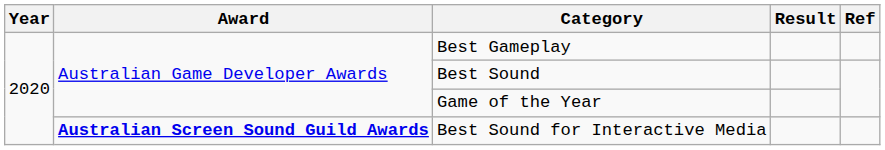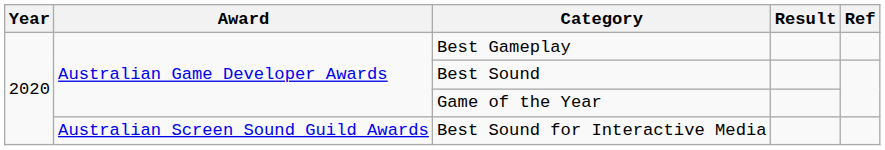 <table class="wikitable">
 <tr>
 <th>Year</th>
 <th>Award</th>
 <th>Category</th>
 <th>Result</th>
 <th>Ref</th>
 </tr>
 <tr>
 <td rowspan="4">2020</td>
 <td rowspan="3"><a href='#'>Australian Game Developer Awards</a></td>
 <td>Best Gameplay</td>
 <td></td>
 <td></td>
 </tr>
 <tr>
 <td>Best Sound</td>
 <td></td>
 <td rowspan="2"></td>
 </tr>
 <tr>
 <td>Game of the Year</td>
 <td></td>
 </tr>
 <tr>
-<td><strong><a href='#'>Australian Screen Sound Guild Awards</a></strong></td>
+<td><a href='#'>Australian Screen Sound Guild Awards</a></td>
 <td>Best Sound for Interactive Media</td>
 <td></td>
 <td></td>
 </tr>
 </table>
